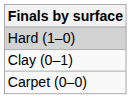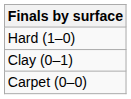 <table class="wikitable" style="font-size:90%;">
 <tr>
 <th>Finals by surface</th>
 </tr>
 <tr>
-<td style="background: lightgrey;">Hard (1–0)</td>
+<td>Hard (1–0)</td>
 </tr>
 <tr>
 <td>Clay (0–1)</td>
 </tr>
 <tr>
 <td>Carpet (0–0)</td>
 </tr>
 </table>
